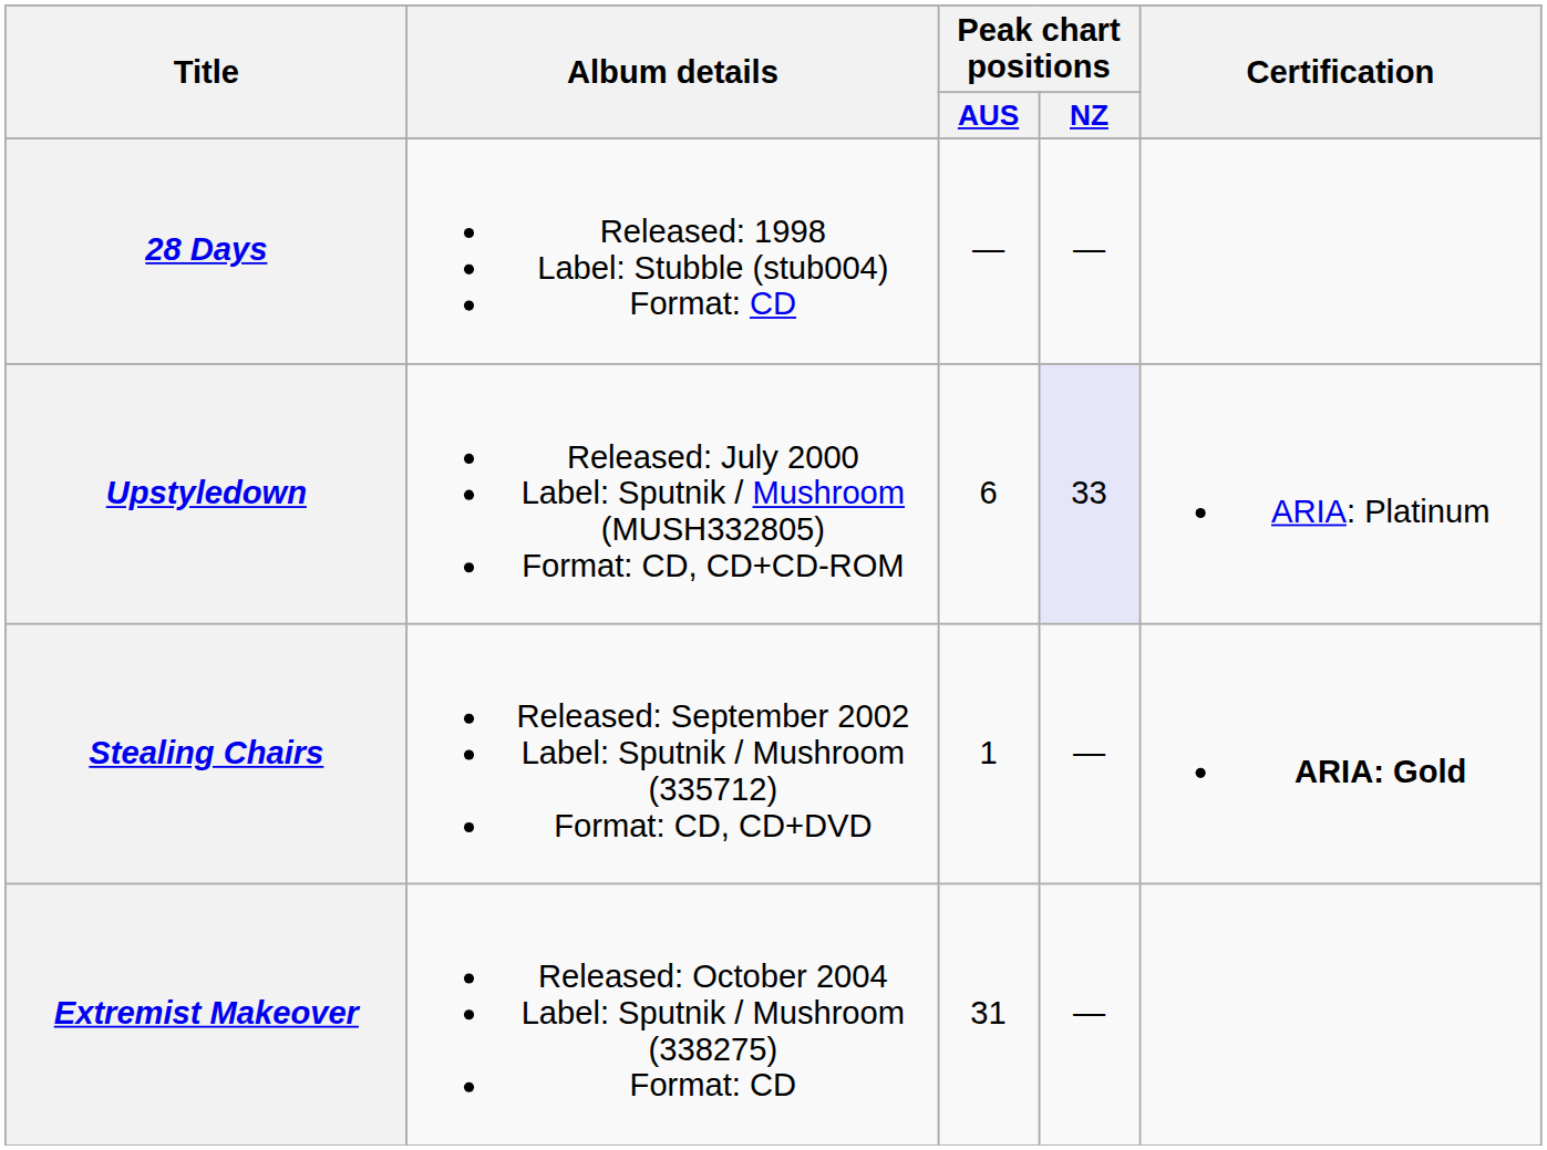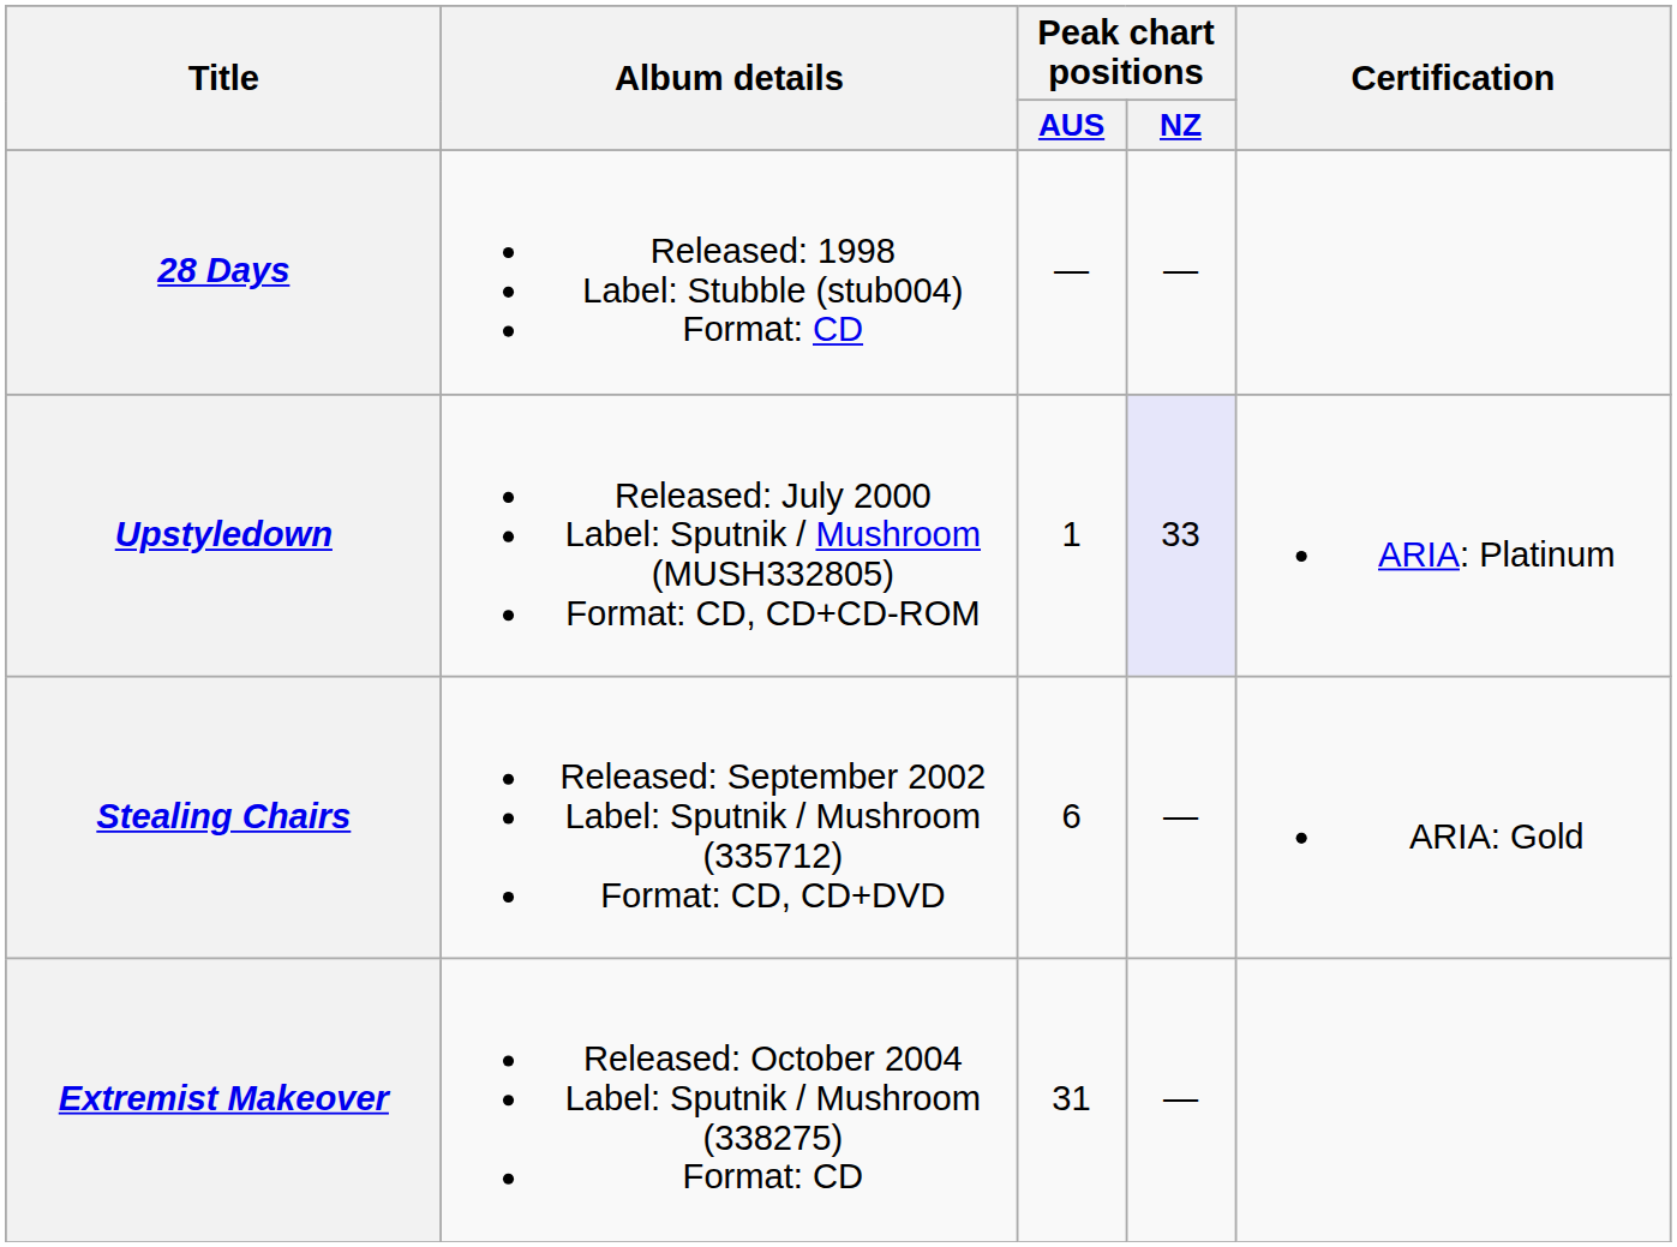 <table class="wikitable plainrowheaders" style="text-align:center;" border="1">
 <tr>
 <th scope="col" rowspan="2" style="width:12em;">Title</th>
 <th scope="col" rowspan="2" style="width:16em;">Album details</th>
 <th scope="col" colspan="2">Peak chart positions</th>
 <th scope="col" rowspan="2" style="width:12em;">Certification</th>
 </tr>
 <tr>
 <th style="width:3em;font-size:90%"><a href='#'>AUS</a><br></th>
 <th style="width:3em;font-size:90%"><a href='#'>NZ</a><br></th>
 </tr>
 <tr>
 <th scope="row"><em><a href='#'>28 Days</a></em></th>
 <td><br><ul><li>Released: 1998</li><li>Label: Stubble (stub004)</li><li>Format: <a href='#'>CD</a></li></ul></td>
 <td>—</td>
 <td>—</td>
 <td></td>
 </tr>
 <tr>
 <th scope="row"><em><a href='#'>Upstyledown</a></em></th>
 <td><br><ul><li>Released: July 2000</li><li>Label: Sputnik / <a href='#'>Mushroom</a> (MUSH332805)</li><li>Format: CD, CD+CD-ROM</li></ul></td>
-<td>6</td>
+<td>1</td>
 <td style="background: lavender;">33</td>
 <td><br><ul><li><a href='#'>ARIA</a>: Platinum</li></ul></td>
 </tr>
 <tr>
 <th scope="row"><em><a href='#'>Stealing Chairs</a></em></th>
 <td><br><ul><li>Released: September 2002</li><li>Label: Sputnik / Mushroom (335712)</li><li>Format: CD, CD+DVD</li></ul></td>
-<td>1</td>
+<td>6</td>
 <td>—</td>
-<td><strong><br><ul><li>ARIA: Gold</li></ul></strong></td>
+<td><br><ul><li>ARIA: Gold</li></ul></td>
 </tr>
 <tr>
 <th scope="row"><em><a href='#'>Extremist Makeover</a></em></th>
 <td><br><ul><li>Released: October 2004</li><li>Label: Sputnik / Mushroom (338275)</li><li>Format: CD</li></ul></td>
 <td>31</td>
 <td>—</td>
 <td></td>
 </tr>
 </table>
